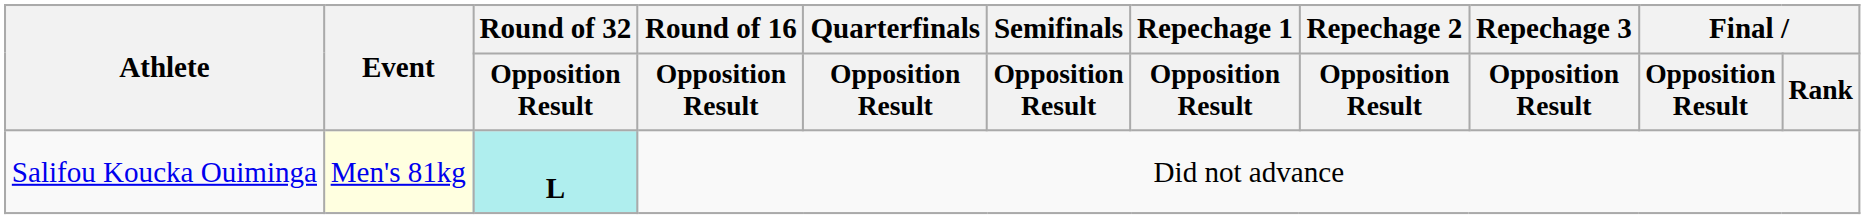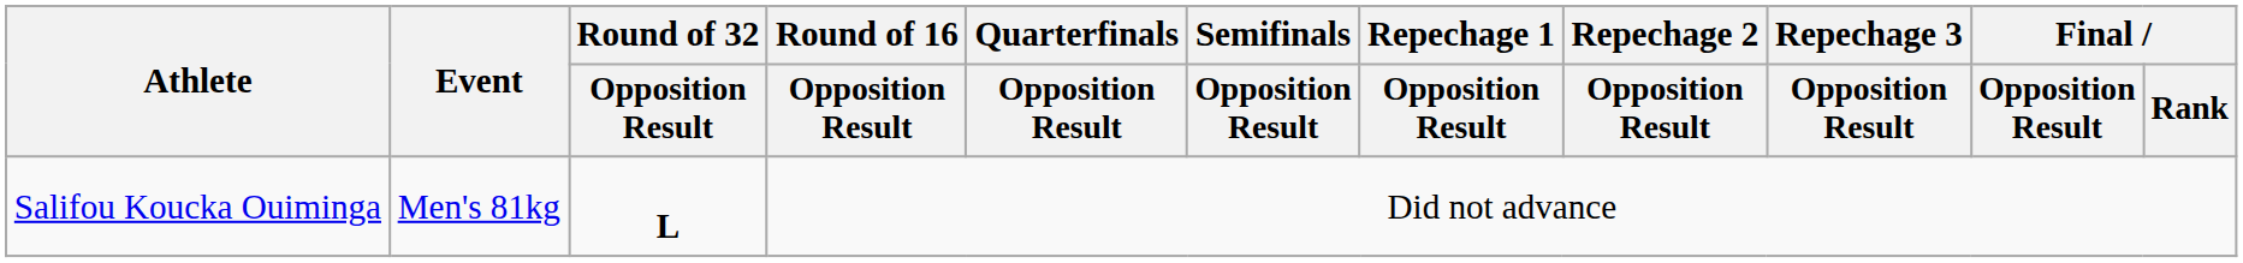 <table class="wikitable" style="font-size:90%">
 <tr>
 <th rowspan="2">Athlete</th>
 <th rowspan="2">Event</th>
 <th>Round of 32</th>
 <th>Round of 16</th>
 <th>Quarterfinals</th>
 <th>Semifinals</th>
 <th>Repechage 1</th>
 <th>Repechage 2</th>
 <th>Repechage 3</th>
 <th colspan=2>Final / </th>
 </tr>
 <tr style="font-size:95%">
 <th>Opposition<br>Result</th>
 <th>Opposition<br>Result</th>
 <th>Opposition<br>Result</th>
 <th>Opposition<br>Result</th>
 <th>Opposition<br>Result</th>
 <th>Opposition<br>Result</th>
 <th>Opposition<br>Result</th>
 <th>Opposition<br>Result</th>
 <th>Rank</th>
 </tr>
 <tr align=center>
 <td align=left><a href='#'>Salifou Koucka Ouiminga</a></td>
-<td align=left style="background: lightyellow;"><a href='#'>Men's 81kg</a></td>
-<td style="background: paleturquoise;"><br><strong>L</strong></td>
+<td align=left><a href='#'>Men's 81kg</a></td>
+<td><br><strong>L</strong></td>
 <td colspan=8>Did not advance</td>
 </tr>
 </table>
